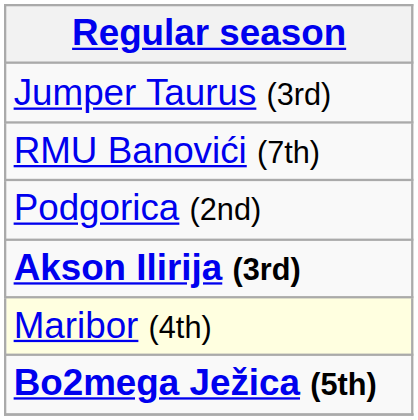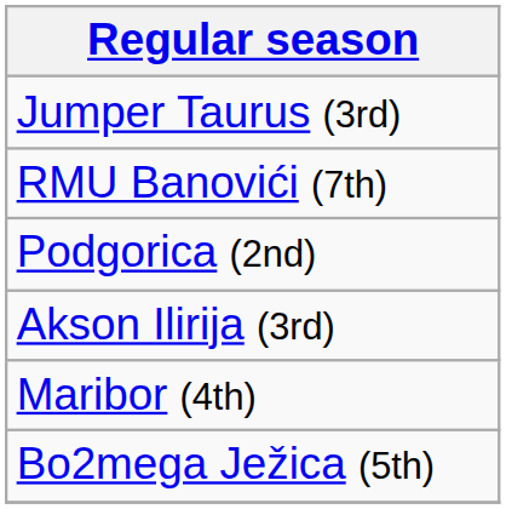 <table class="wikitable" style="white-space: nowrap;">
 <tr>
 <th colspan=6><a href='#'>Regular season</a></th>
 </tr>
 <tr>
 <td width=170> <a href='#'>Jumper Taurus</a> <small>(3rd)</small></td>
 </tr>
 <tr>
 <td width=170> <a href='#'>RMU Banovići</a> <small>(7th)</small></td>
 </tr>
 <tr>
 <td width=170> <a href='#'>Podgorica</a> <small>(2nd)</small></td>
 </tr>
 <tr>
-<td width=170><strong> <a href='#'>Akson Ilirija</a> <small>(3rd)</small></strong></td>
+<td width=170> <a href='#'>Akson Ilirija</a> <small>(3rd)</small></td>
 </tr>
 <tr>
-<td width=170 style="background: lightyellow;"> <a href='#'>Maribor</a> <small>(4th)</small></td>
+<td width=170> <a href='#'>Maribor</a> <small>(4th)</small></td>
 </tr>
 <tr>
-<td width=170><strong> <a href='#'>Bo2mega Ježica</a> <small>(5th)</small></strong></td>
+<td width=170> <a href='#'>Bo2mega Ježica</a> <small>(5th)</small></td>
 </tr>
 <tr>
 </tr>
 </table>
